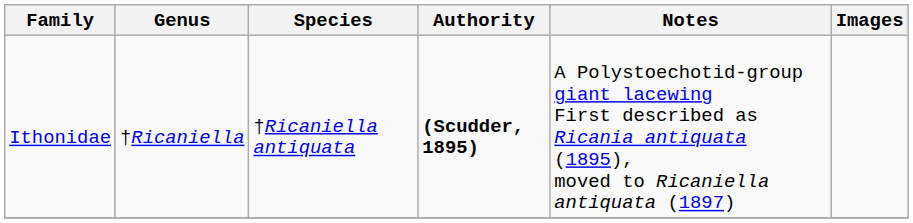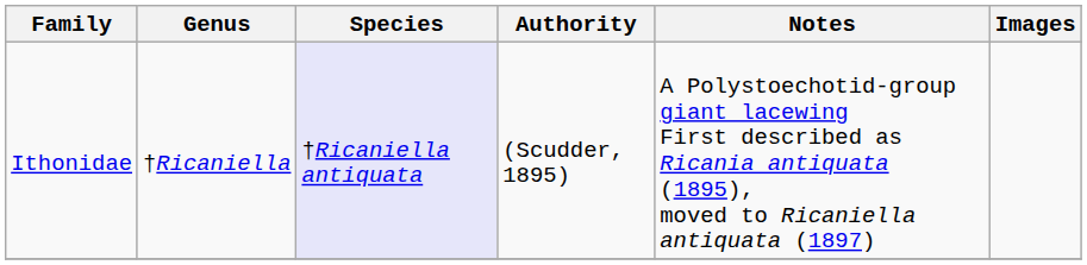 <table class="wikitable sortable"  style="margin:auto; width:100%;">
 <tr>
 <th>Family</th>
 <th>Genus</th>
 <th>Species</th>
 <th>Authority</th>
 <th>Notes</th>
 <th>Images</th>
 </tr>
 <tr>
 <td><br><a href='#'>Ithonidae</a></td>
 <td><br>†<em><a href='#'>Ricaniella</a></em></td>
-<td><br>†<em><a href='#'>Ricaniella antiquata</a></em></td>
-<td><strong><br>(Scudder, 1895)</strong></td>
+<td style="background: lavender;"><br>†<em><a href='#'>Ricaniella antiquata</a></em></td>
+<td><br>(Scudder, 1895)</td>
 <td><br>A Polystoechotid-group <a href='#'>giant lacewing</a><br> First described as <em><a href='#'>Ricania antiquata</a></em> (<a href='#'>1895</a>),<br> moved to <em>Ricaniella antiquata</em> (<a href='#'>1897</a>)</td>
 <td><br></td>
 </tr>
 <tr>
 </tr>
 </table>
